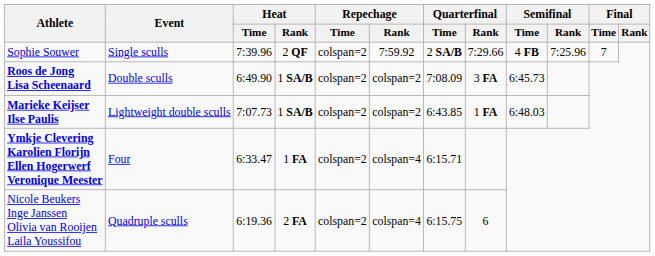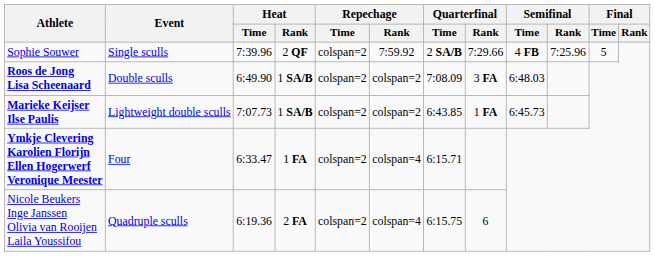 <table class="wikitable" style="font-size:90%">
 <tr>
 <th rowspan="2">Athlete</th>
 <th rowspan="2">Event</th>
 <th colspan="2">Heat</th>
 <th colspan="2">Repechage</th>
 <th colspan="2">Quarterfinal</th>
 <th colspan="2">Semifinal</th>
 <th colspan="2">Final</th>
 </tr>
 <tr style="font-size:95%">
 <th>Time</th>
 <th>Rank</th>
 <th>Time</th>
 <th>Rank</th>
 <th>Time</th>
 <th>Rank</th>
 <th>Time</th>
 <th>Rank</th>
 <th>Time</th>
 <th>Rank</th>
 </tr>
 <tr align=center>
 <td align=left><a href='#'>Sophie Souwer</a></td>
 <td align=left><a href='#'>Single sculls</a></td>
 <td>7:39.96</td>
 <td>2 <strong>QF</strong></td>
 <td>colspan=2 </td>
 <td>7:59.92</td>
 <td>2 <strong>SA/B</strong></td>
 <td>7:29.66</td>
 <td>4 <strong>FB</strong></td>
 <td>7:25.96</td>
-<td>7</td>
+<td>5</td>
 </tr>
 <tr align=center>
 <td align=left><strong><a href='#'>Roos de Jong</a><br><a href='#'>Lisa Scheenaard</a></strong></td>
 <td align=left><a href='#'>Double sculls</a></td>
 <td>6:49.90</td>
 <td>1 <strong>SA/B</strong></td>
 <td>colspan=2 </td>
 <td>colspan=2 </td>
 <td>7:08.09</td>
 <td>3 <strong>FA</strong></td>
-<td>6:45.73</td>
+<td>6:48.03</td>
 <td></td>
 </tr>
 <tr align=center>
 <td align=left><strong><a href='#'>Marieke Keijser</a><br><a href='#'>Ilse Paulis</a></strong></td>
 <td align=left><a href='#'>Lightweight double sculls</a></td>
 <td>7:07.73</td>
 <td>1 <strong>SA/B</strong></td>
 <td>colspan=2 </td>
 <td>colspan=2 </td>
 <td>6:43.85</td>
 <td>1 <strong>FA</strong></td>
-<td>6:48.03</td>
+<td>6:45.73</td>
 <td></td>
 </tr>
 <tr align=center>
 <td align=left><strong><a href='#'>Ymkje Clevering</a><br><a href='#'>Karolien Florijn</a><br><a href='#'>Ellen Hogerwerf</a><br><a href='#'>Veronique Meester</a></strong></td>
 <td align=left><a href='#'>Four</a></td>
 <td>6:33.47</td>
 <td>1 <strong>FA</strong></td>
 <td>colspan=2 </td>
 <td>colspan=4 </td>
 <td>6:15.71</td>
 <td></td>
 </tr>
 <tr align=center>
 <td align=left><a href='#'>Nicole Beukers</a><br><a href='#'>Inge Janssen</a><br><a href='#'>Olivia van Rooijen</a><br><a href='#'>Laila Youssifou</a></td>
 <td align=left><a href='#'>Quadruple sculls</a></td>
 <td>6:19.36</td>
 <td>2 <strong>FA</strong></td>
 <td>colspan=2 </td>
 <td>colspan=4 </td>
 <td>6:15.75</td>
 <td>6</td>
 </tr>
 </table>
